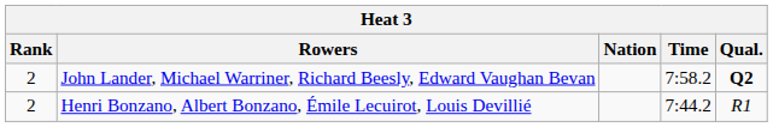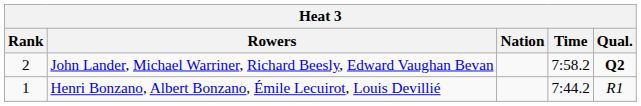 <table class="wikitable" style="text-align:center">
 <tr>
 <th colspan=5 align=center><strong>Heat 3</strong></th>
 </tr>
 <tr>
 <th>Rank</th>
 <th>Rowers</th>
 <th>Nation</th>
 <th>Time</th>
 <th>Qual.</th>
 </tr>
 <tr>
 <td>2</td>
 <td align=left><a href='#'>John Lander</a>, <a href='#'>Michael Warriner</a>, <a href='#'>Richard Beesly</a>, <a href='#'>Edward Vaughan Bevan</a></td>
 <td align=left></td>
 <td>7:58.2</td>
 <td><strong>Q2</strong></td>
 </tr>
 <tr>
-<td>2</td>
+<td>1</td>
 <td align=left><a href='#'>Henri Bonzano</a>, <a href='#'>Albert Bonzano</a>, <a href='#'>Émile Lecuirot</a>, <a href='#'>Louis Devillié</a></td>
 <td align=left></td>
 <td>7:44.2</td>
 <td><em>R1</em></td>
 </tr>
 </table>
